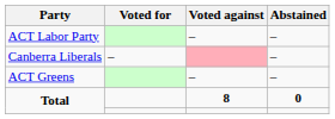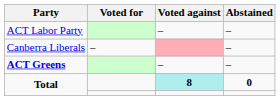 <table class="wikitable">
 <tr>
 <th>Party</th>
 <th style="width:25%;">Voted for</th>
 <th>Voted against</th>
 <th>Abstained</th>
 </tr>
 <tr>
 <td> <a href='#'>ACT Labor Party</a></td>
 <td style="background-color:#CCFFCC;"></td>
 <td>–</td>
 <td>–</td>
 </tr>
 <tr>
 <td> <a href='#'>Canberra Liberals</a></td>
 <td>–</td>
 <td style="background-color:#FFAEB9;"></td>
 <td>–</td>
 </tr>
 <tr>
-<td> <a href='#'>ACT Greens</a></td>
+<td><strong> <a href='#'>ACT Greens</a></strong></td>
 <td style="background-color:#CCFFCC;"></td>
 <td>–</td>
 <td>–</td>
 </tr>
 <tr>
 <td style="text-align:center;" rowspan="2"><strong>Total</strong></td>
 <td></td>
-<td style="text-align:center;"><strong>8</strong></td>
+<td style="background: paleturquoise; text-align:center;"><strong>8</strong></td>
 <td style="text-align:center;"><strong>0</strong></td>
 </tr>
 <tr>
 <td style="text-align:center;"></td>
 <td style="text-align:center;"></td>
 <td style="text-align:center;"></td>
 </tr>
 </table>
